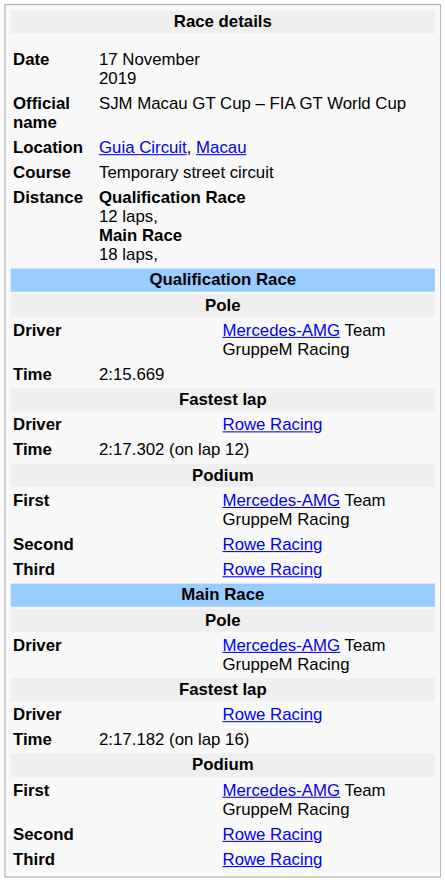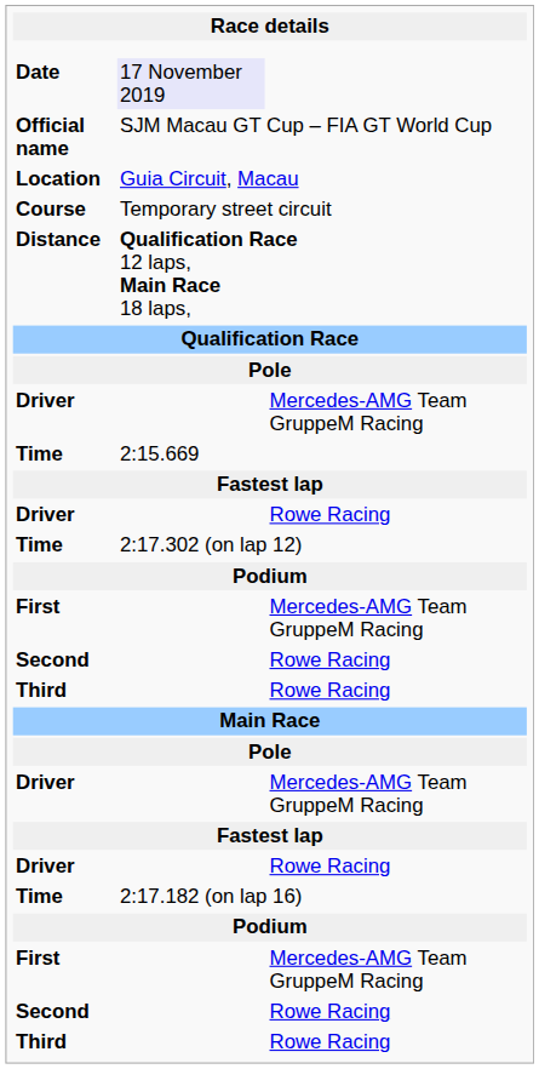 <table class="infobox" align="right" cellpadding="2" style="float:right; width: 26em; ">
 <tr>
 <th colspan="3" bgcolor="#efefef">Race details</th>
 </tr>
 <tr>
 <td colspan="3" style="text-align:center;"></td>
 </tr>
 <tr>
 <td colspan="3" style="text-align:center;"></td>
 </tr>
 <tr>
 <td style="width: 20%;"><strong>Date</strong></td>
-<td>17 November 2019</td>
+<td style="background: lavender;">17 November 2019</td>
 </tr>
 <tr>
 <td><strong>Official name</strong></td>
 <td colspan=2>SJM Macau GT Cup – FIA GT World Cup</td>
 </tr>
 <tr>
 <td><strong>Location</strong></td>
 <td colspan=2><a href='#'>Guia Circuit</a>, <a href='#'>Macau</a></td>
 </tr>
 <tr>
 <td><strong>Course</strong></td>
 <td colspan=2>Temporary street circuit<br></td>
 </tr>
 <tr>
 <td><strong>Distance</strong></td>
 <td colspan=2><strong>Qualification Race</strong><br>12 laps, <br><strong>Main Race</strong><br>18 laps, </td>
 </tr>
 <tr>
 <td colspan=3 style="text-align:center; background-color:#99ccff"><strong>Qualification Race</strong></td>
 </tr>
 <tr>
 <th colspan=3 bgcolor="#efefef">Pole</th>
 </tr>
 <tr>
 <td><strong>Driver</strong></td>
 <td></td>
 <td><a href='#'>Mercedes-AMG</a> Team GruppeM Racing</td>
 </tr>
 <tr>
 <td><strong>Time</strong></td>
 <td colspan=2>2:15.669</td>
 </tr>
 <tr>
 <th colspan=3 bgcolor="#efefef">Fastest lap</th>
 </tr>
 <tr>
 <td><strong>Driver</strong></td>
 <td></td>
 <td><a href='#'>Rowe Racing</a></td>
 </tr>
 <tr>
 <td><strong>Time</strong></td>
 <td colspan=2>2:17.302 (on lap 12)</td>
 </tr>
 <tr>
 <th colspan=3 bgcolor="#efefef">Podium</th>
 </tr>
 <tr>
 <td><strong>First</strong></td>
 <td></td>
 <td><a href='#'>Mercedes-AMG</a> Team GruppeM Racing</td>
 </tr>
 <tr>
 <td><strong>Second</strong></td>
 <td></td>
 <td><a href='#'>Rowe Racing</a></td>
 </tr>
 <tr>
 <td><strong>Third</strong></td>
 <td></td>
 <td><a href='#'>Rowe Racing</a></td>
 </tr>
 <tr>
 <td colspan=3 style="text-align:center; background-color:#99ccff"><strong>Main Race</strong></td>
 </tr>
 <tr>
 <th colspan=3 bgcolor="#efefef">Pole</th>
 </tr>
 <tr>
 <td><strong>Driver</strong></td>
 <td></td>
 <td><a href='#'>Mercedes-AMG</a> Team GruppeM Racing</td>
 </tr>
 <tr>
 <th colspan=3 bgcolor="#efefef">Fastest lap</th>
 </tr>
 <tr>
 <td><strong>Driver</strong></td>
 <td></td>
 <td><a href='#'>Rowe Racing</a></td>
 </tr>
 <tr>
 <td><strong>Time</strong></td>
 <td colspan=2>2:17.182 (on lap 16)</td>
 </tr>
 <tr>
 <th colspan=3 bgcolor="#efefef">Podium</th>
 </tr>
 <tr>
 <td><strong>First</strong></td>
 <td></td>
 <td><a href='#'>Mercedes-AMG</a> Team GruppeM Racing</td>
 </tr>
 <tr>
 <td><strong>Second</strong></td>
 <td></td>
 <td><a href='#'>Rowe Racing</a></td>
 </tr>
 <tr>
 <td><strong>Third</strong></td>
 <td></td>
 <td><a href='#'>Rowe Racing</a></td>
 </tr>
 </table>
